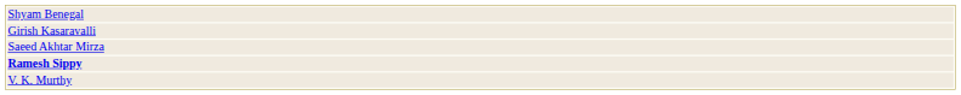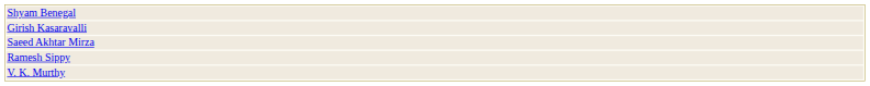 <table style="width:100%;border: 1px solid #BEB168;background-color:#FDFCF6;">
 <tr>
 <td style="background-color:#F0EADF;"> <a href='#'>Shyam Benegal</a></td>
 </tr>
 <tr>
 <td style="background-color:#F0EADF;"> <a href='#'>Girish Kasaravalli</a></td>
 </tr>
 <tr>
 <td style="background-color:#F0EADF;"> <a href='#'>Saeed Akhtar Mirza</a></td>
 </tr>
 <tr>
-<td style="background-color:#F0EADF;"><strong> <a href='#'>Ramesh Sippy</a></strong></td>
+<td style="background-color:#F0EADF;"> <a href='#'>Ramesh Sippy</a></td>
 </tr>
 <tr>
 <td style="background-color:#F0EADF;"> <a href='#'>V. K. Murthy</a></td>
 </tr>
 </table>
